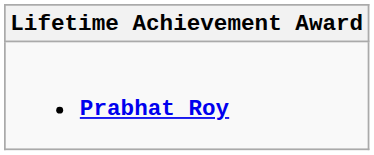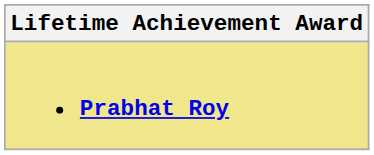 <table class="wikitable">
 <tr>
 <th colspan="2">Lifetime Achievement Award</th>
 </tr>
 <tr>
-<td><br><ul><li><strong><a href='#'>Prabhat Roy</a></strong></li></ul></td>
+<td style="background: khaki;"><br><ul><li><strong><a href='#'>Prabhat Roy</a></strong></li></ul></td>
 </tr>
 </table>
